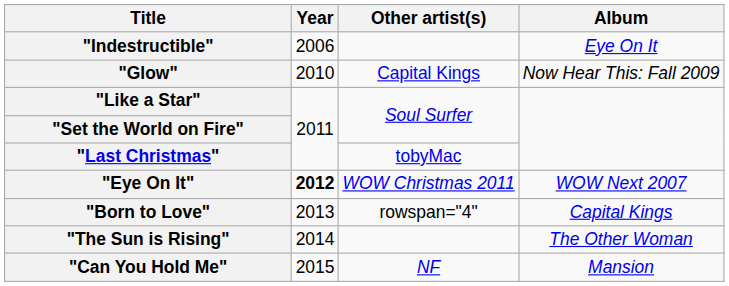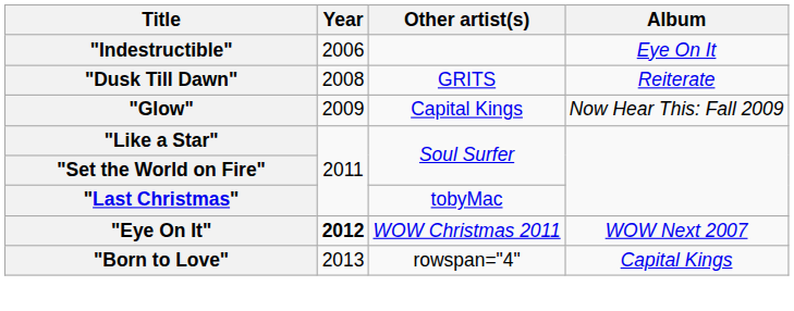 <table class="wikitable plainrowheaders" style="text-align:center;" border="1">
 <tr>
 <th scope="col" style="width:16em;">Title</th>
 <th scope="col">Year</th>
 <th scope="col">Other artist(s)</th>
 <th scope="col">Album</th>
 </tr>
 <tr>
 <th scope="row">"Indestructible"</th>
 <td>2006</td>
 <td></td>
 <td><em><a href='#'>Eye On It</a></em></td>
 </tr>
 <tr>
+<th scope="row">"Dusk Till Dawn"</th>
+<td>2008</td>
+<td><a href='#'>GRITS</a></td>
+<td><em><a href='#'>Reiterate</a></em></td>
+</tr>
+<tr>
 <th scope="row">"Glow"</th>
-<td>2010</td>
+<td>2009</td>
 <td><a href='#'>Capital Kings</a></td>
 <td><em>Now Hear This: Fall 2009</em></td>
 </tr>
 <tr>
 <th scope="row">"Like a Star"</th>
 <td rowspan="3">2011</td>
 <td rowspan="2"><em><a href='#'>Soul Surfer</a></em></td>
 </tr>
 <tr>
 <th scope="row">"Set the World on Fire"</th>
 </tr>
 <tr>
 <th scope="row">"<a href='#'>Last Christmas</a>"</th>
 <td><a href='#'>tobyMac</a></td>
 </tr>
 <tr>
 <th scope="row">"Eye On It"</th>
 <td><strong>2012</strong></td>
 <td><em><a href='#'>WOW Christmas 2011</a></em></td>
 <td><em><a href='#'>WOW Next 2007</a></em></td>
 </tr>
 <tr>
 <th scope="row">"Born to Love"</th>
 <td>2013</td>
 <td>rowspan="4" </td>
 <td><em><a href='#'>Capital Kings</a></em></td>
 </tr>
-<tr>
-<th scope="row">"The Sun is Rising"</th>
-<td>2014</td>
-<td></td>
-<td><em><a href='#'>The Other Woman</a></em></td>
-</tr>
-<tr>
-<th scope="row">"Can You Hold Me"</th>
-<td>2015</td>
-<td><em><a href='#'>NF</a></em></td>
-<td><em><a href='#'>Mansion</a></em></td>
-</tr>
 </table>
